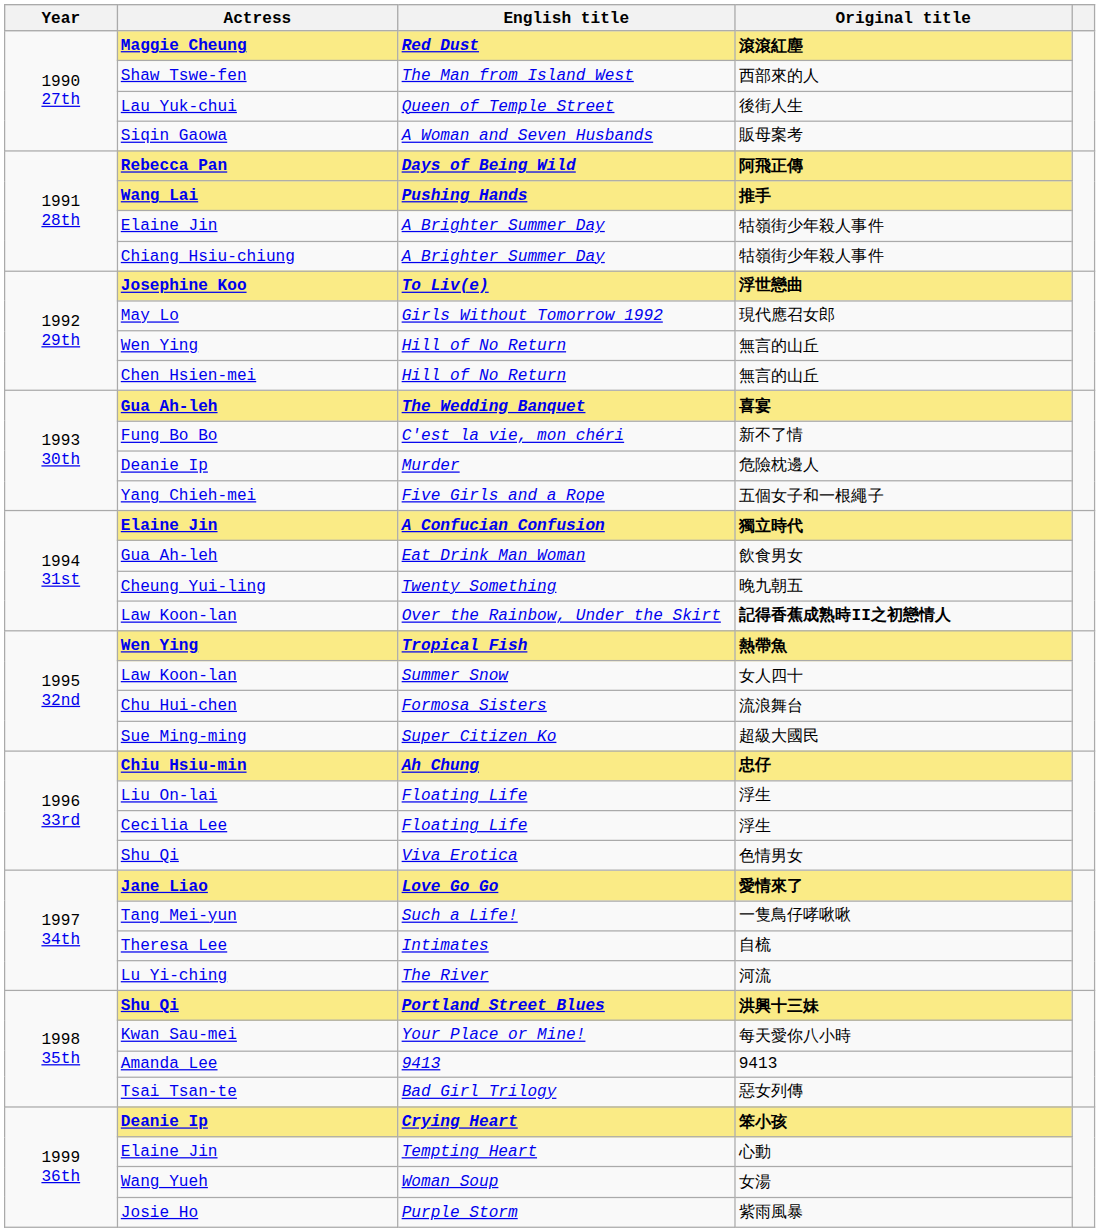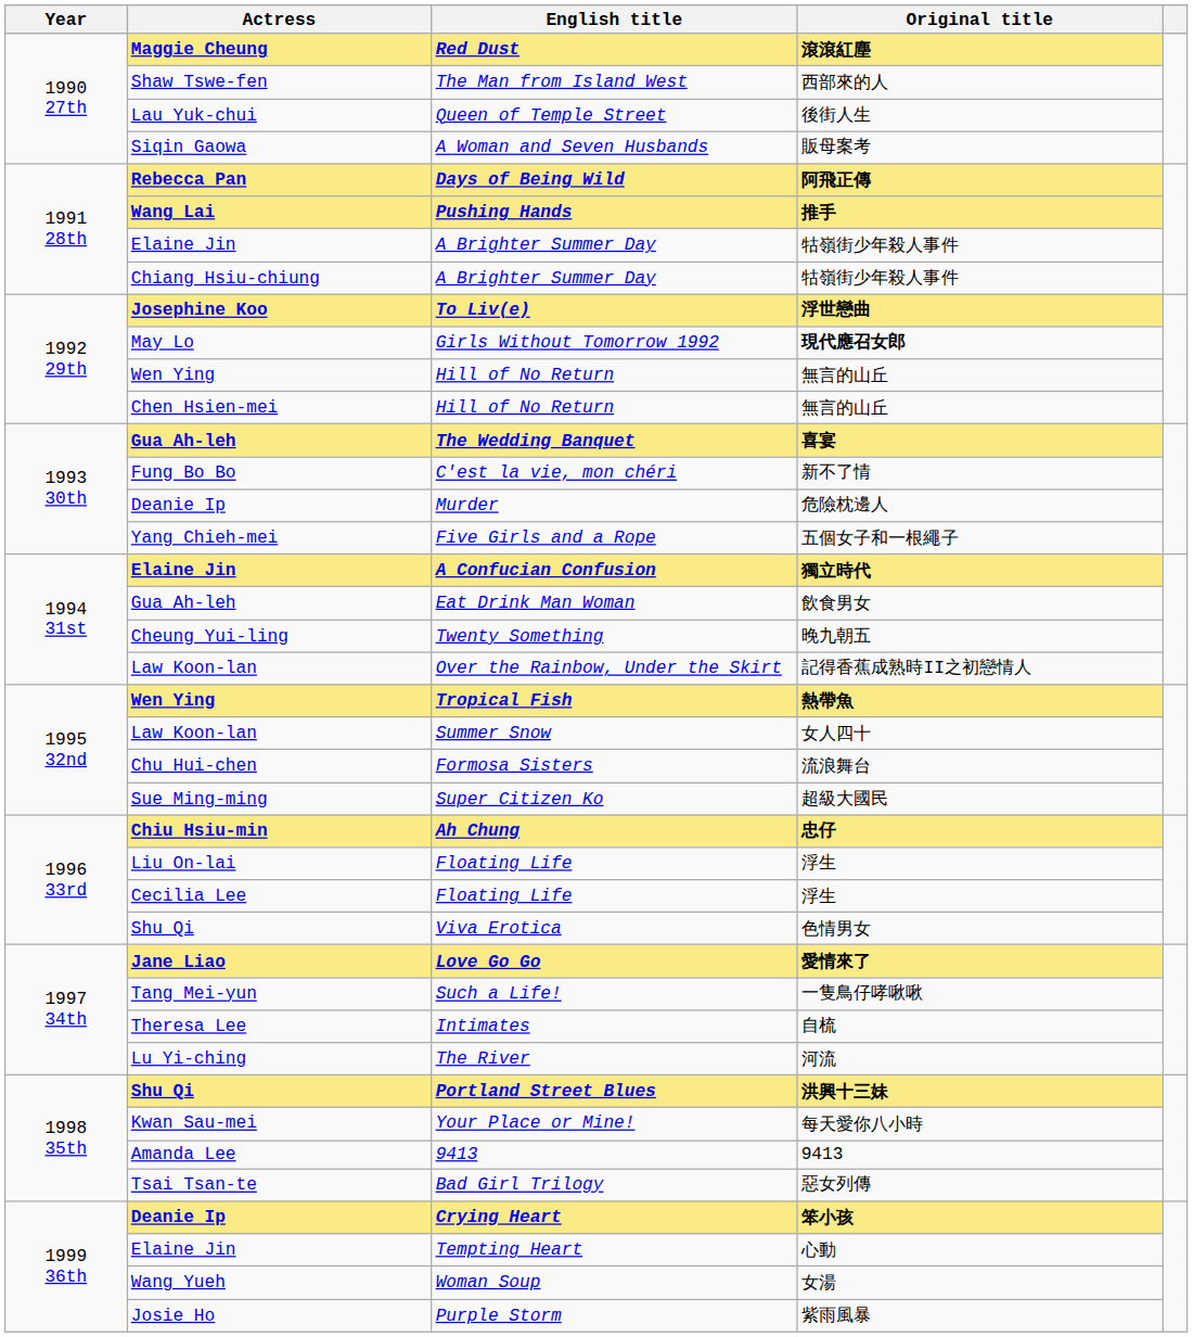 <table class="wikitable">
 <tr style="background:#bebebe;">
 <th style="width:10%;">Year</th>
 <th style="width:25%;">Actress</th>
 <th style="width:30%;">English title</th>
 <th style="width:30%;">Original title</th>
 <th style="width:2%;"></th>
 </tr>
 <tr>
 <td rowspan="4" style="text-align:center">1990<br><a href='#'>27th</a></td>
 <td style="background:#FAEB86"><strong><a href='#'>Maggie Cheung</a></strong></td>
 <td style="background:#FAEB86"><strong><em><a href='#'>Red Dust</a></em></strong></td>
 <td style="background:#FAEB86"><strong>滾滾紅塵</strong></td>
 <td rowspan=4></td>
 </tr>
 <tr>
 <td><a href='#'>Shaw Tswe-fen</a></td>
 <td><em><a href='#'>The Man from Island West</a></em></td>
 <td>西部來的人</td>
 </tr>
 <tr>
 <td><a href='#'>Lau Yuk-chui</a></td>
 <td><em><a href='#'>Queen of Temple Street</a></em></td>
 <td>後街人生</td>
 </tr>
 <tr>
 <td><a href='#'>Siqin Gaowa</a></td>
 <td><em><a href='#'>A Woman and Seven Husbands</a></em></td>
 <td>販母案考</td>
 </tr>
 <tr>
 <td rowspan="4" style="text-align:center">1991<br><a href='#'>28th</a></td>
 <td style="background:#FAEB86"><strong><a href='#'>Rebecca Pan</a></strong></td>
 <td style="background:#FAEB86"><strong><em><a href='#'>Days of Being Wild</a></em></strong></td>
 <td style="background:#FAEB86"><strong>阿飛正傳</strong></td>
 <td rowspan=4></td>
 </tr>
 <tr>
 <td style="background:#FAEB86"><strong><a href='#'>Wang Lai</a></strong></td>
 <td style="background:#FAEB86"><strong><em><a href='#'>Pushing Hands</a></em></strong></td>
 <td style="background:#FAEB86"><strong>推手</strong></td>
 </tr>
 <tr>
 <td><a href='#'>Elaine Jin</a></td>
 <td><em><a href='#'>A Brighter Summer Day</a></em></td>
 <td>牯嶺街少年殺人事件</td>
 </tr>
 <tr>
 <td><a href='#'>Chiang Hsiu-chiung</a></td>
 <td><em><a href='#'>A Brighter Summer Day</a></em></td>
 <td>牯嶺街少年殺人事件</td>
 </tr>
 <tr>
 <td rowspan="4" style="text-align:center">1992<br><a href='#'>29th</a></td>
 <td style="background:#FAEB86"><strong><a href='#'>Josephine Koo</a></strong></td>
 <td style="background:#FAEB86"><strong><em><a href='#'>To Liv(e)</a></em></strong></td>
 <td style="background:#FAEB86"><strong>浮世戀曲</strong></td>
 <td rowspan=4></td>
 </tr>
 <tr>
 <td><a href='#'>May Lo</a></td>
 <td><em><a href='#'>Girls Without Tomorrow 1992</a></em></td>
-<td>現代應召女郎</td>
+<td><strong>現代應召女郎</strong></td>
 </tr>
 <tr>
 <td><a href='#'>Wen Ying</a></td>
 <td><em><a href='#'>Hill of No Return</a></em></td>
 <td>無言的山丘</td>
 </tr>
 <tr>
 <td><a href='#'>Chen Hsien-mei</a></td>
 <td><em><a href='#'>Hill of No Return</a></em></td>
 <td>無言的山丘</td>
 </tr>
 <tr>
 <td rowspan="4" style="text-align:center">1993<br><a href='#'>30th</a></td>
 <td style="background:#FAEB86"><strong><a href='#'>Gua Ah-leh</a></strong></td>
 <td style="background:#FAEB86"><strong><em><a href='#'>The Wedding Banquet</a></em></strong></td>
 <td style="background:#FAEB86"><strong>喜宴</strong></td>
 <td rowspan=4></td>
 </tr>
 <tr>
 <td><a href='#'>Fung Bo Bo</a></td>
 <td><em><a href='#'>C'est la vie, mon chéri</a></em></td>
 <td>新不了情</td>
 </tr>
 <tr>
 <td><a href='#'>Deanie Ip</a></td>
 <td><em><a href='#'>Murder</a></em></td>
 <td>危險枕邊人</td>
 </tr>
 <tr>
 <td><a href='#'>Yang Chieh-mei</a></td>
 <td><em><a href='#'>Five Girls and a Rope</a></em></td>
 <td>五個女子和一根繩子</td>
 </tr>
 <tr>
 <td rowspan="4" style="text-align:center">1994<br><a href='#'>31st</a></td>
 <td style="background:#FAEB86"><strong><a href='#'>Elaine Jin</a></strong></td>
 <td style="background:#FAEB86"><strong><em><a href='#'>A Confucian Confusion</a></em></strong></td>
 <td style="background:#FAEB86"><strong>獨立時代</strong></td>
 <td rowspan=4></td>
 </tr>
 <tr>
 <td><a href='#'>Gua Ah-leh</a></td>
 <td><em><a href='#'>Eat Drink Man Woman</a></em></td>
 <td>飲食男女</td>
 </tr>
 <tr>
 <td><a href='#'>Cheung Yui-ling</a></td>
 <td><em><a href='#'>Twenty Something</a></em></td>
 <td>晚九朝五</td>
 </tr>
 <tr>
 <td><a href='#'>Law Koon-lan</a></td>
 <td><em><a href='#'>Over the Rainbow, Under the Skirt</a></em></td>
-<td><strong>記得香蕉成熟時II之初戀情人</strong></td>
+<td>記得香蕉成熟時II之初戀情人</td>
 </tr>
 <tr>
 <td rowspan="4" style="text-align:center">1995<br><a href='#'>32nd</a></td>
 <td style="background:#FAEB86"><strong><a href='#'>Wen Ying</a></strong></td>
 <td style="background:#FAEB86"><strong><em><a href='#'>Tropical Fish</a></em></strong></td>
 <td style="background:#FAEB86"><strong>熱帶魚</strong></td>
 <td rowspan=4></td>
 </tr>
 <tr>
 <td><a href='#'>Law Koon-lan</a></td>
 <td><em><a href='#'>Summer Snow</a></em></td>
 <td>女人四十</td>
 </tr>
 <tr>
 <td><a href='#'>Chu Hui-chen</a></td>
 <td><em><a href='#'>Formosa Sisters</a></em></td>
 <td>流浪舞台</td>
 </tr>
 <tr>
 <td><a href='#'>Sue Ming-ming</a></td>
 <td><em><a href='#'>Super Citizen Ko</a></em></td>
 <td>超級大國民</td>
 </tr>
 <tr>
 <td rowspan="4" style="text-align:center">1996<br><a href='#'>33rd</a></td>
 <td style="background:#FAEB86"><strong><a href='#'>Chiu Hsiu-min</a></strong></td>
 <td style="background:#FAEB86"><strong><em><a href='#'>Ah Chung</a></em></strong></td>
 <td style="background:#FAEB86"><strong>忠仔</strong></td>
 <td rowspan=4></td>
 </tr>
 <tr>
 <td><a href='#'>Liu On-lai</a></td>
 <td><em><a href='#'>Floating Life</a></em></td>
 <td>浮生</td>
 </tr>
 <tr>
 <td><a href='#'>Cecilia Lee</a></td>
 <td><em><a href='#'>Floating Life</a></em></td>
 <td>浮生</td>
 </tr>
 <tr>
 <td><a href='#'>Shu Qi</a></td>
 <td><em><a href='#'>Viva Erotica</a></em></td>
 <td>色情男女</td>
 </tr>
 <tr>
 <td rowspan="4" style="text-align:center">1997<br><a href='#'>34th</a></td>
 <td style="background:#FAEB86"><strong><a href='#'>Jane Liao</a></strong></td>
 <td style="background:#FAEB86"><strong><em><a href='#'>Love Go Go</a></em></strong></td>
 <td style="background:#FAEB86"><strong>愛情來了</strong></td>
 <td rowspan=4></td>
 </tr>
 <tr>
 <td><a href='#'>Tang Mei-yun</a></td>
 <td><em><a href='#'>Such a Life!</a></em></td>
 <td>一隻鳥仔哮啾啾</td>
 </tr>
 <tr>
 <td><a href='#'>Theresa Lee</a></td>
 <td><em><a href='#'>Intimates</a></em></td>
 <td>自梳</td>
 </tr>
 <tr>
 <td><a href='#'>Lu Yi-ching</a></td>
 <td><em><a href='#'>The River</a></em></td>
 <td>河流</td>
 </tr>
 <tr>
 <td rowspan="4" style="text-align:center">1998<br><a href='#'>35th</a></td>
 <td style="background:#FAEB86"><strong><a href='#'>Shu Qi</a></strong></td>
 <td style="background:#FAEB86"><strong><em><a href='#'>Portland Street Blues</a></em></strong></td>
 <td style="background:#FAEB86"><strong> 洪興十三妹</strong></td>
 <td rowspan=4></td>
 </tr>
 <tr>
 <td><a href='#'>Kwan Sau-mei</a></td>
 <td><em><a href='#'>Your Place or Mine!</a></em></td>
 <td>每天愛你八小時</td>
 </tr>
 <tr>
 <td><a href='#'>Amanda Lee</a></td>
 <td><em><a href='#'>9413</a></em></td>
 <td>9413</td>
 </tr>
 <tr>
 <td><a href='#'>Tsai Tsan-te</a></td>
 <td><em><a href='#'>Bad Girl Trilogy</a></em></td>
 <td>惡女列傳</td>
 </tr>
 <tr>
 <td rowspan="4" style="text-align:center">1999<br><a href='#'>36th</a></td>
 <td style="background:#FAEB86"><strong><a href='#'>Deanie Ip</a></strong></td>
 <td style="background:#FAEB86"><strong><em><a href='#'>Crying Heart</a></em></strong></td>
 <td style="background:#FAEB86"><strong>笨小孩</strong></td>
 <td rowspan=4></td>
 </tr>
 <tr>
 <td><a href='#'>Elaine Jin</a></td>
 <td><em><a href='#'>Tempting Heart</a></em></td>
 <td>心動</td>
 </tr>
 <tr>
 <td><a href='#'>Wang Yueh</a></td>
 <td><em><a href='#'>Woman Soup</a></em></td>
 <td>女湯</td>
 </tr>
 <tr>
 <td><a href='#'>Josie Ho</a></td>
 <td><em><a href='#'>Purple Storm</a></em></td>
 <td>紫雨風暴</td>
 </tr>
 </table>
